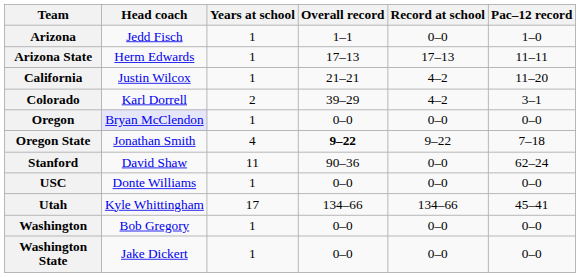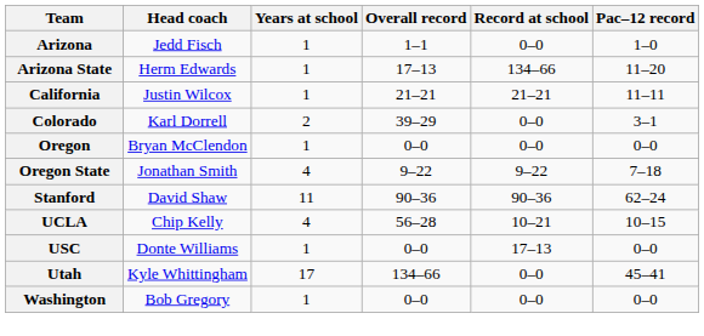 <table class="wikitable sortable" style="text-align: center;">
 <tr>
 <th style="width:110px;">Team</th>
 <th>Head coach</th>
 <th>Years at school</th>
 <th>Overall record</th>
 <th>Record at school</th>
 <th>Pac–12 record</th>
 </tr>
 <tr>
 <th>Arizona</th>
 <td><a href='#'>Jedd Fisch</a></td>
 <td>1</td>
 <td>1–1</td>
 <td>0–0</td>
 <td>1–0</td>
 </tr>
 <tr>
 <th>Arizona State</th>
 <td><a href='#'>Herm Edwards</a></td>
 <td>1</td>
 <td>17–13</td>
-<td>17–13</td>
-<td>11–11</td>
+<td>134–66</td>
+<td>11–20</td>
 </tr>
 <tr>
 <th>California</th>
 <td><a href='#'>Justin Wilcox</a></td>
 <td>1</td>
 <td>21–21</td>
-<td>4–2</td>
-<td>11–20</td>
+<td>21–21</td>
+<td>11–11</td>
 </tr>
 <tr>
 <th>Colorado</th>
 <td><a href='#'>Karl Dorrell</a></td>
 <td>2</td>
 <td>39–29</td>
-<td>4–2</td>
+<td>0–0</td>
 <td>3–1</td>
 </tr>
 <tr>
 <th>Oregon</th>
-<td style="background: lavender;"><a href='#'>Bryan McClendon</a></td>
+<td><a href='#'>Bryan McClendon</a></td>
 <td>1</td>
 <td>0–0</td>
 <td>0–0</td>
 <td>0–0</td>
 </tr>
 <tr>
 <th>Oregon State</th>
 <td><a href='#'>Jonathan Smith</a></td>
 <td>4</td>
-<td><strong>9–22</strong></td>
+<td>9–22</td>
 <td>9–22</td>
 <td>7–18</td>
 </tr>
 <tr>
 <th>Stanford</th>
 <td><a href='#'>David Shaw</a></td>
 <td>11</td>
 <td>90–36</td>
-<td>0–0</td>
+<td>90–36</td>
 <td>62–24</td>
+</tr>
+<tr>
+<th>UCLA</th>
+<td><a href='#'>Chip Kelly</a></td>
+<td>4</td>
+<td>56–28</td>
+<td>10–21</td>
+<td>10–15</td>
 </tr>
 <tr>
 <th>USC</th>
 <td><a href='#'>Donte Williams</a></td>
 <td>1</td>
 <td>0–0</td>
-<td>0–0</td>
+<td>17–13</td>
 <td>0–0</td>
 </tr>
 <tr>
 <th>Utah</th>
 <td><a href='#'>Kyle Whittingham</a></td>
 <td>17</td>
 <td>134–66</td>
-<td>134–66</td>
+<td>0–0</td>
 <td>45–41</td>
 </tr>
 <tr>
 <th>Washington</th>
 <td><a href='#'>Bob Gregory</a></td>
 <td>1</td>
 <td>0–0</td>
 <td>0–0</td>
 <td>0–0</td>
 </tr>
-<tr>
-<th>Washington State</th>
-<td><a href='#'>Jake Dickert</a></td>
-<td>1</td>
-<td>0–0</td>
-<td>0–0</td>
-<td>0–0</td>
-</tr>
 </table>
